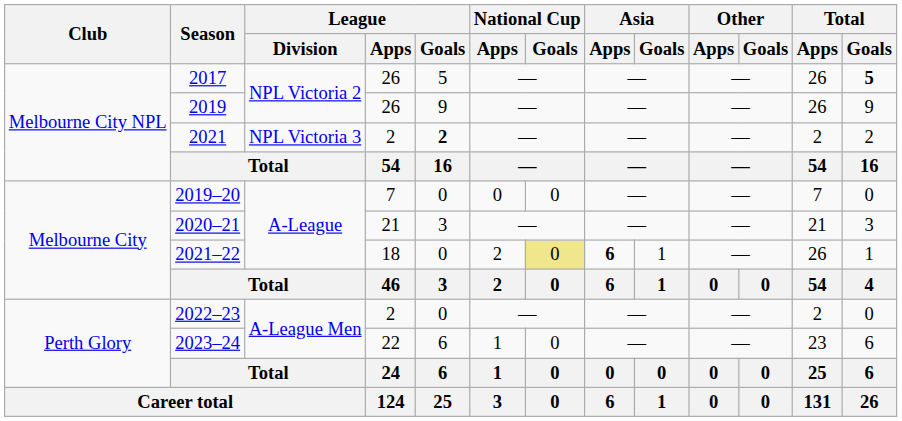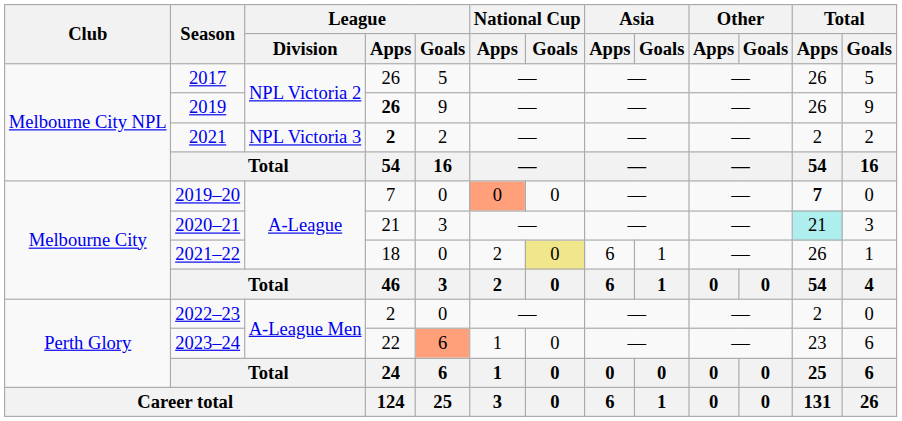 <table class="wikitable" style="text-align:center">
 <tr>
 <th rowspan=2>Club</th>
 <th rowspan=2>Season</th>
 <th colspan=3>League</th>
 <th colspan=2>National Cup</th>
 <th colspan=2>Asia</th>
 <th colspan=2>Other</th>
 <th colspan=2>Total</th>
 </tr>
 <tr>
 <th>Division</th>
 <th>Apps</th>
 <th>Goals</th>
 <th>Apps</th>
 <th>Goals</th>
 <th>Apps</th>
 <th>Goals</th>
 <th>Apps</th>
 <th>Goals</th>
 <th>Apps</th>
 <th>Goals</th>
 </tr>
 <tr>
 <td rowspan="4"><a href='#'>Melbourne City NPL</a></td>
 <td><a href='#'>2017</a></td>
 <td rowspan="2"><a href='#'>NPL Victoria 2</a></td>
 <td>26</td>
 <td>5</td>
 <td colspan="2">—</td>
 <td colspan="2">—</td>
 <td colspan="2">—</td>
 <td>26</td>
-<td><strong>5</strong></td>
+<td>5</td>
 </tr>
 <tr>
 <td><a href='#'>2019</a></td>
-<td>26</td>
+<td><strong>26</strong></td>
 <td>9</td>
 <td colspan="2">—</td>
 <td colspan="2">—</td>
 <td colspan="2">—</td>
 <td>26</td>
 <td>9</td>
 </tr>
 <tr>
 <td><a href='#'>2021</a></td>
 <td><a href='#'>NPL Victoria 3</a></td>
+<td><strong>2</strong></td>
 <td>2</td>
-<td><strong>2</strong></td>
 <td colspan="2">—</td>
 <td colspan="2">—</td>
 <td colspan="2">—</td>
 <td>2</td>
 <td>2</td>
 </tr>
 <tr>
 <th colspan="2">Total</th>
 <th>54</th>
 <th>16</th>
 <th colspan="2">—</th>
 <th colspan="2">—</th>
 <th colspan="2">—</th>
 <th>54</th>
 <th>16</th>
 </tr>
 <tr>
 <td rowspan="4"><a href='#'>Melbourne City</a></td>
 <td><a href='#'>2019–20</a></td>
 <td rowspan="3"><a href='#'>A-League</a></td>
 <td>7</td>
 <td>0</td>
-<td>0</td>
+<td style="background: lightsalmon;">0</td>
 <td>0</td>
 <td colspan="2">—</td>
 <td colspan="2">—</td>
-<td>7</td>
+<td><strong>7</strong></td>
 <td>0</td>
 </tr>
 <tr>
 <td><a href='#'>2020–21</a></td>
 <td>21</td>
 <td>3</td>
 <td colspan="2">—</td>
 <td colspan="2">—</td>
 <td colspan="2">—</td>
-<td>21</td>
+<td style="background: paleturquoise;">21</td>
 <td>3</td>
 </tr>
 <tr>
 <td><a href='#'>2021–22</a></td>
 <td>18</td>
 <td>0</td>
 <td>2</td>
 <td style="background: khaki;">0</td>
-<td><strong>6</strong></td>
+<td>6</td>
 <td>1</td>
 <td colspan="2">—</td>
 <td>26</td>
 <td>1</td>
 </tr>
 <tr>
 <th colspan="2">Total</th>
 <th>46</th>
 <th>3</th>
 <th>2</th>
 <th>0</th>
 <th>6</th>
 <th>1</th>
 <th>0</th>
 <th>0</th>
 <th>54</th>
 <th>4</th>
 </tr>
 <tr>
 <td rowspan="3"><a href='#'>Perth Glory</a></td>
 <td><a href='#'>2022–23</a></td>
 <td rowspan="2"><a href='#'>A-League Men</a></td>
 <td>2</td>
 <td>0</td>
 <td colspan="2">—</td>
 <td colspan="2">—</td>
 <td colspan="2">—</td>
 <td>2</td>
 <td>0</td>
 </tr>
 <tr>
 <td><a href='#'>2023–24</a></td>
 <td>22</td>
-<td>6</td>
+<td style="background: lightsalmon;">6</td>
 <td>1</td>
 <td>0</td>
 <td colspan="2">—</td>
 <td colspan="2">—</td>
 <td>23</td>
 <td>6</td>
 </tr>
 <tr>
 <th colspan="2">Total</th>
 <th>24</th>
 <th>6</th>
 <th>1</th>
 <th>0</th>
 <th>0</th>
 <th>0</th>
 <th>0</th>
 <th>0</th>
 <th>25</th>
 <th>6</th>
 </tr>
 <tr>
 <th colspan="3">Career total</th>
 <th>124</th>
 <th>25</th>
 <th>3</th>
 <th>0</th>
 <th>6</th>
 <th>1</th>
 <th>0</th>
 <th>0</th>
 <th>131</th>
 <th>26</th>
 </tr>
 </table>
